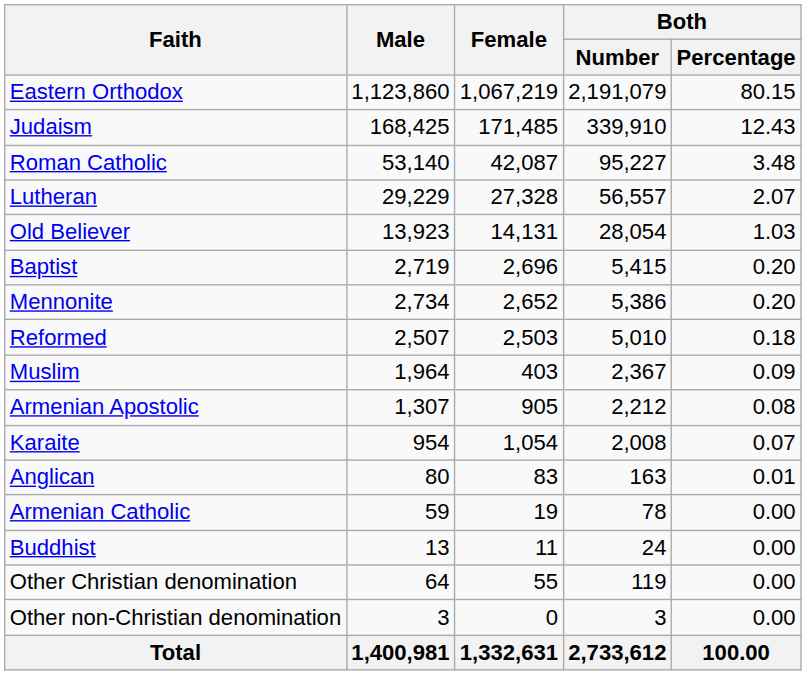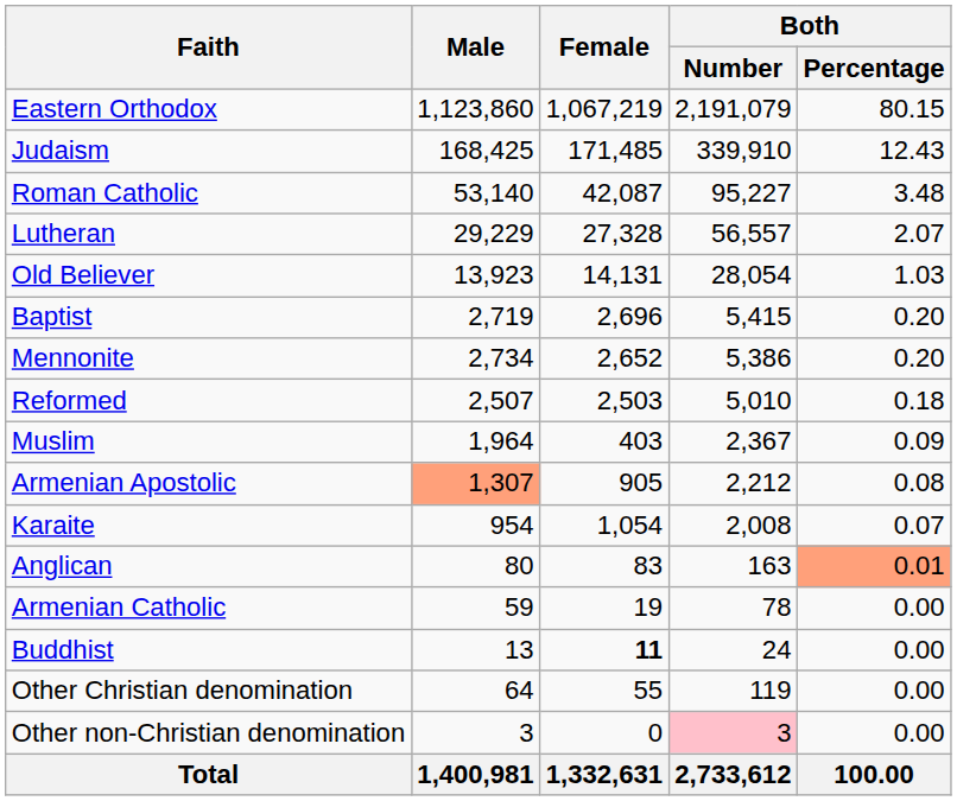 <table class="wikitable sortable">
 <tr>
 <th ! rowspan="2">Faith</th>
 <th rowspan="2">Male</th>
 <th rowspan="2">Female</th>
 <th colspan="2">Both</th>
 </tr>
 <tr>
 <th>Number</th>
 <th>Percentage</th>
 </tr>
 <tr>
 <td><a href='#'>Eastern Orthodox</a></td>
 <td align="right">1,123,860</td>
 <td align="right">1,067,219</td>
 <td align="right">2,191,079</td>
 <td align="right">80.15</td>
 </tr>
 <tr>
 <td><a href='#'>Judaism</a></td>
 <td align="right">168,425</td>
 <td align="right">171,485</td>
 <td align="right">339,910</td>
 <td align="right">12.43</td>
 </tr>
 <tr>
 <td><a href='#'>Roman Catholic</a></td>
 <td align="right">53,140</td>
 <td align="right">42,087</td>
 <td align="right">95,227</td>
 <td align="right">3.48</td>
 </tr>
 <tr>
 <td><a href='#'>Lutheran</a></td>
 <td align="right">29,229</td>
 <td align="right">27,328</td>
 <td align="right">56,557</td>
 <td align="right">2.07</td>
 </tr>
 <tr>
 <td><a href='#'>Old Believer</a></td>
 <td align="right">13,923</td>
 <td align="right">14,131</td>
 <td align="right">28,054</td>
 <td align="right">1.03</td>
 </tr>
 <tr>
 <td><a href='#'>Baptist</a></td>
 <td align="right">2,719</td>
 <td align="right">2,696</td>
 <td align="right">5,415</td>
 <td align="right">0.20</td>
 </tr>
 <tr>
 <td><a href='#'>Mennonite</a></td>
 <td align="right">2,734</td>
 <td align="right">2,652</td>
 <td align="right">5,386</td>
 <td align="right">0.20</td>
 </tr>
 <tr>
 <td><a href='#'>Reformed</a></td>
 <td align="right">2,507</td>
 <td align="right">2,503</td>
 <td align="right">5,010</td>
 <td align="right">0.18</td>
 </tr>
 <tr>
 <td><a href='#'>Muslim</a></td>
 <td align="right">1,964</td>
 <td align="right">403</td>
 <td align="right">2,367</td>
 <td align="right">0.09</td>
 </tr>
 <tr>
 <td><a href='#'>Armenian Apostolic</a></td>
-<td align="right">1,307</td>
+<td align="right" style="background: lightsalmon;">1,307</td>
 <td align="right">905</td>
 <td align="right">2,212</td>
 <td align="right">0.08</td>
 </tr>
 <tr>
 <td><a href='#'>Karaite</a></td>
 <td align="right">954</td>
 <td align="right">1,054</td>
 <td align="right">2,008</td>
 <td align="right">0.07</td>
 </tr>
 <tr>
 <td><a href='#'>Anglican</a></td>
 <td align="right">80</td>
 <td align="right">83</td>
 <td align="right">163</td>
-<td align="right">0.01</td>
+<td align="right" style="background: lightsalmon;">0.01</td>
 </tr>
 <tr>
 <td><a href='#'>Armenian Catholic</a></td>
 <td align="right">59</td>
 <td align="right">19</td>
 <td align="right">78</td>
 <td align="right">0.00</td>
 </tr>
 <tr>
 <td><a href='#'>Buddhist</a></td>
 <td align="right">13</td>
-<td align="right">11</td>
+<td align="right"><strong>11</strong></td>
 <td align="right">24</td>
 <td align="right">0.00</td>
 </tr>
 <tr>
 <td>Other Christian denomination</td>
 <td align="right">64</td>
 <td align="right">55</td>
 <td align="right">119</td>
 <td align="right">0.00</td>
 </tr>
 <tr>
 <td>Other non-Christian denomination</td>
 <td align="right">3</td>
 <td align="right">0</td>
-<td align="right">3</td>
+<td align="right" style="background: pink;">3</td>
 <td align="right">0.00</td>
 </tr>
 <tr>
 <th>Total</th>
 <th>1,400,981</th>
 <th>1,332,631</th>
 <th>2,733,612</th>
 <th>100.00</th>
 </tr>
 </table>
